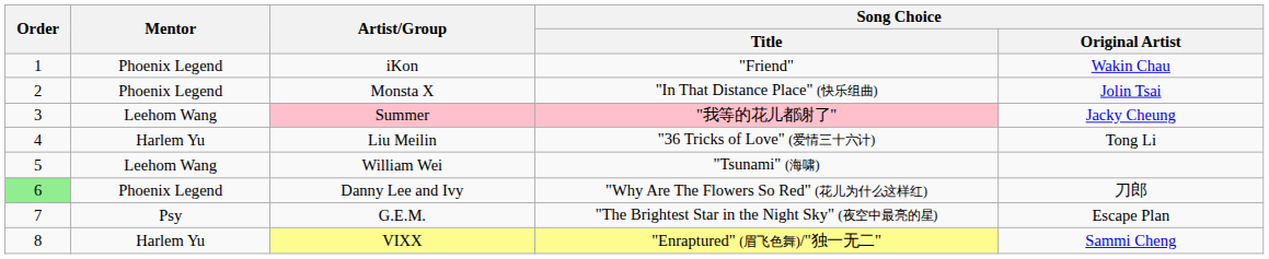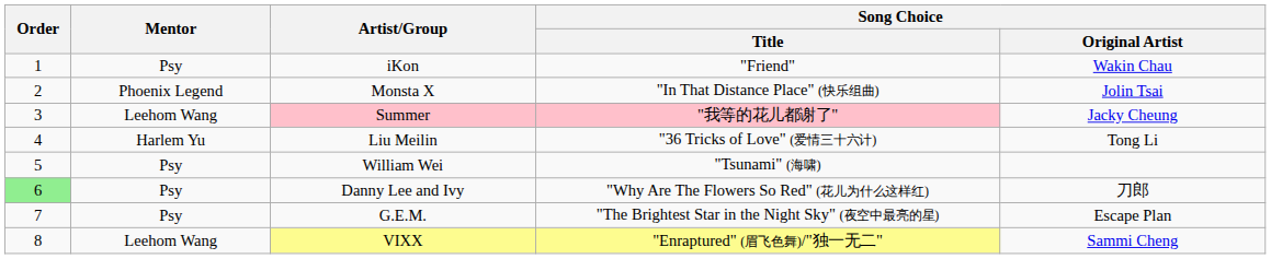 <table class="wikitable" style="text-align:center; line-height:17px; font-size:100%; width:100%;">
 <tr>
 <th scope="col" rowspan="2" width="05%">Order</th>
 <th scope="col" rowspan="2" width="15%">Mentor</th>
 <th scope="col" rowspan="2" width="20%">Artist/Group</th>
 <th scope="col" colspan="2">Song Choice</th>
 </tr>
 <tr>
 <th scope="col" width="35%">Title</th>
 <th scope="col" width="20%">Original Artist</th>
 </tr>
 <tr>
 <td scope="row">1</td>
-<td scope="row">Phoenix Legend</td>
+<td scope="row">Psy</td>
 <td scope="row">iKon</td>
 <td scope="row">"Friend"</td>
 <td scope="row"><a href='#'>Wakin Chau</a></td>
 </tr>
 <tr>
 <td scope="row">2</td>
 <td scope="row">Phoenix Legend</td>
 <td scope="row">Monsta X</td>
 <td scope="row">"In That Distance Place" <small>(快乐组曲)</small></td>
 <td scope="row"><a href='#'>Jolin Tsai</a></td>
 </tr>
 <tr>
 <td scope="row">3</td>
 <td scope="row">Leehom Wang</td>
 <td style="background:pink; scope:row">Summer</td>
 <td style="background:pink; scope:row">"我等的花儿都谢了"</td>
 <td scope="row"><a href='#'>Jacky Cheung</a></td>
 </tr>
 <tr>
 <td scope="row">4</td>
 <td scope="row">Harlem Yu</td>
 <td scope="row">Liu Meilin</td>
 <td scope="row">"36 Tricks of Love" <small>(爱情三十六计)</small></td>
 <td scope="row">Tong Li</td>
 </tr>
 <tr>
 <td scope="row">5</td>
-<td scope="row">Leehom Wang</td>
+<td scope="row">Psy</td>
 <td scope="row">William Wei</td>
 <td scope="row">"Tsunami" <small>(海啸)</small></td>
 <td scope="row"></td>
 </tr>
 <tr>
 <td scope="row" style="background: lightgreen;">6</td>
-<td scope="row">Phoenix Legend</td>
+<td scope="row">Psy</td>
 <td scope="row">Danny Lee and Ivy</td>
 <td scope="row">"Why Are The Flowers So Red" <small>(花儿为什么这样红)</small></td>
 <td scope="row">刀郎</td>
 </tr>
 <tr>
 <td scope="row">7</td>
 <td scope="row">Psy</td>
 <td scope="row">G.E.M.</td>
 <td scope="row">"The Brightest Star in the Night Sky" <small>(夜空中最亮的星)</small></td>
 <td scope="row">Escape Plan</td>
 </tr>
 <tr>
 <td scope="row">8</td>
-<td scope="row">Harlem Yu</td>
+<td scope="row">Leehom Wang</td>
 <td style="background:#fdfc8f; scope:row">VIXX</td>
 <td style="background:#fdfc8f; scope:row">"Enraptured" <small>(眉飞色舞)</small>/"独一无二"</td>
 <td scope="row"><a href='#'>Sammi Cheng</a></td>
 </tr>
 </table>
